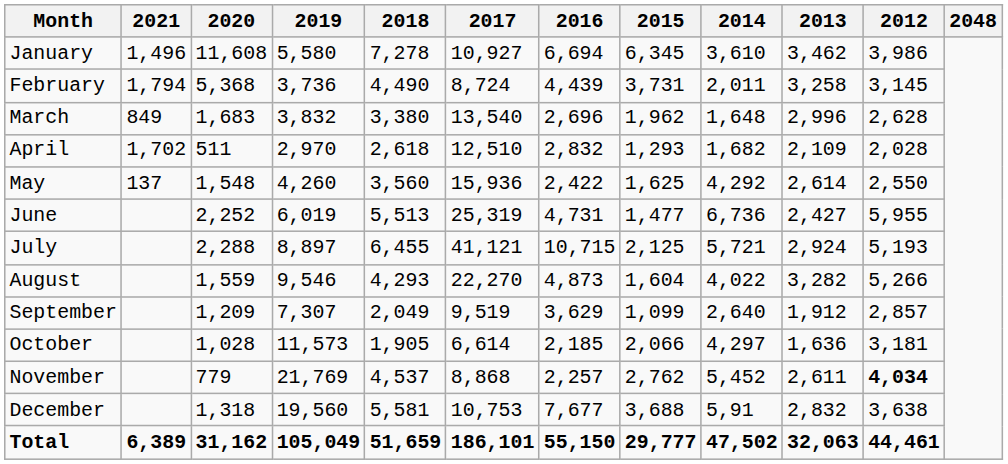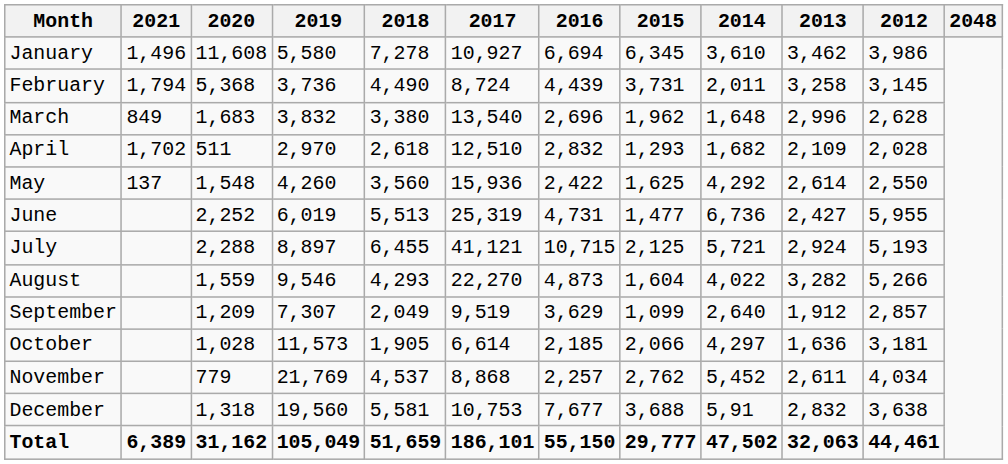 <table class="wikitable">
 <tr>
 <th>Month</th>
 <th>2021</th>
 <th>2020</th>
 <th>2019</th>
 <th>2018</th>
 <th>2017</th>
 <th>2016</th>
 <th>2015</th>
 <th>2014</th>
 <th>2013</th>
 <th>2012</th>
 <th>2048</th>
 </tr>
 <tr>
 <td>January</td>
 <td>1,496</td>
 <td>11,608</td>
 <td>5,580</td>
 <td>7,278</td>
 <td>10,927</td>
 <td>6,694</td>
 <td>6,345</td>
 <td>3,610</td>
 <td>3,462</td>
 <td>3,986</td>
 </tr>
 <tr>
 <td>February</td>
 <td>1,794</td>
 <td>5,368</td>
 <td>3,736</td>
 <td>4,490</td>
 <td>8,724</td>
 <td>4,439</td>
 <td>3,731</td>
 <td>2,011</td>
 <td>3,258</td>
 <td>3,145</td>
 </tr>
 <tr>
 <td>March</td>
 <td>849</td>
 <td>1,683</td>
 <td>3,832</td>
 <td>3,380</td>
 <td>13,540</td>
 <td>2,696</td>
 <td>1,962</td>
 <td>1,648</td>
 <td>2,996</td>
 <td>2,628</td>
 </tr>
 <tr>
 <td>April</td>
 <td>1,702</td>
 <td>511</td>
 <td>2,970</td>
 <td>2,618</td>
 <td>12,510</td>
 <td>2,832</td>
 <td>1,293</td>
 <td>1,682</td>
 <td>2,109</td>
 <td>2,028</td>
 </tr>
 <tr>
 <td>May</td>
 <td>137</td>
 <td>1,548</td>
 <td>4,260</td>
 <td>3,560</td>
 <td>15,936</td>
 <td>2,422</td>
 <td>1,625</td>
 <td>4,292</td>
 <td>2,614</td>
 <td>2,550</td>
 </tr>
 <tr>
 <td>June</td>
 <td></td>
 <td>2,252</td>
 <td>6,019</td>
 <td>5,513</td>
 <td>25,319</td>
 <td>4,731</td>
 <td>1,477</td>
 <td>6,736</td>
 <td>2,427</td>
 <td>5,955</td>
 </tr>
 <tr>
 <td>July</td>
 <td></td>
 <td>2,288</td>
 <td>8,897</td>
 <td>6,455</td>
 <td>41,121</td>
 <td>10,715</td>
 <td>2,125</td>
 <td>5,721</td>
 <td>2,924</td>
 <td>5,193</td>
 </tr>
 <tr>
 <td>August</td>
 <td></td>
 <td>1,559</td>
 <td>9,546</td>
 <td>4,293</td>
 <td>22,270</td>
 <td>4,873</td>
 <td>1,604</td>
 <td>4,022</td>
 <td>3,282</td>
 <td>5,266</td>
 </tr>
 <tr>
 <td>September</td>
 <td></td>
 <td>1,209</td>
 <td>7,307</td>
 <td>2,049</td>
 <td>9,519</td>
 <td>3,629</td>
 <td>1,099</td>
 <td>2,640</td>
 <td>1,912</td>
 <td>2,857</td>
 </tr>
 <tr>
 <td>October</td>
 <td></td>
 <td>1,028</td>
 <td>11,573</td>
 <td>1,905</td>
 <td>6,614</td>
 <td>2,185</td>
 <td>2,066</td>
 <td>4,297</td>
 <td>1,636</td>
 <td>3,181</td>
 </tr>
 <tr>
 <td>November</td>
 <td></td>
 <td>779</td>
 <td>21,769</td>
 <td>4,537</td>
 <td>8,868</td>
 <td>2,257</td>
 <td>2,762</td>
 <td>5,452</td>
 <td>2,611</td>
-<td><strong>4,034</strong></td>
+<td>4,034</td>
 </tr>
 <tr>
 <td>December</td>
 <td></td>
 <td>1,318</td>
 <td>19,560</td>
 <td>5,581</td>
 <td>10,753</td>
 <td>7,677</td>
 <td>3,688</td>
 <td>5,91</td>
 <td>2,832</td>
 <td>3,638</td>
 </tr>
 <tr>
 <td><strong>Total</strong></td>
 <td><strong>6,389</strong></td>
 <td><strong>31,162</strong></td>
 <td><strong>105,049</strong></td>
 <td><strong>51,659</strong></td>
 <td><strong>186,101</strong></td>
 <td><strong>55,150</strong></td>
 <td><strong>29,777</strong></td>
 <td><strong>47,502</strong></td>
 <td><strong>32,063</strong></td>
 <td><strong>44,461</strong></td>
 </tr>
 </table>
